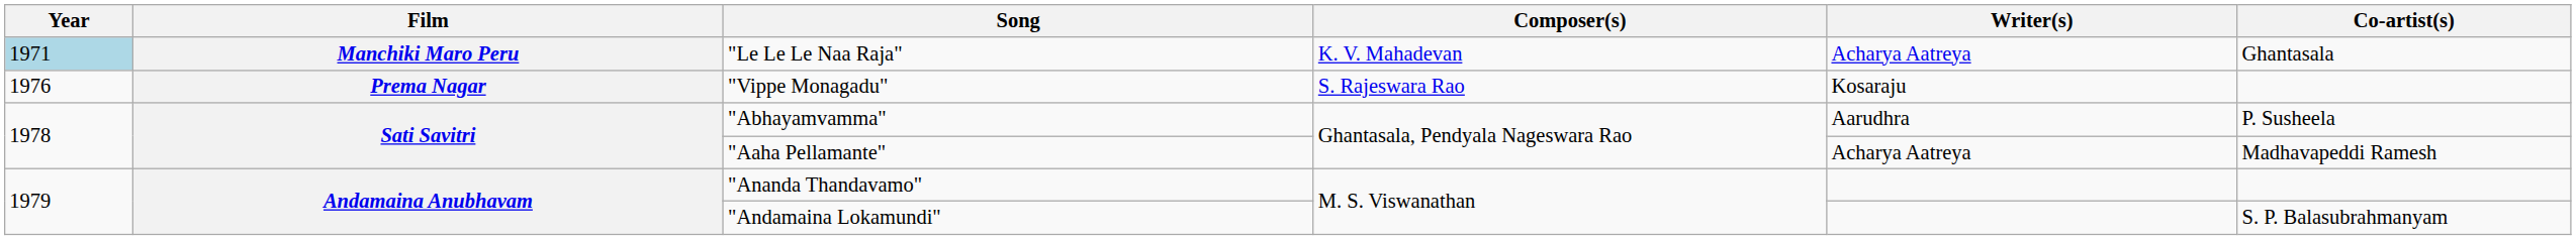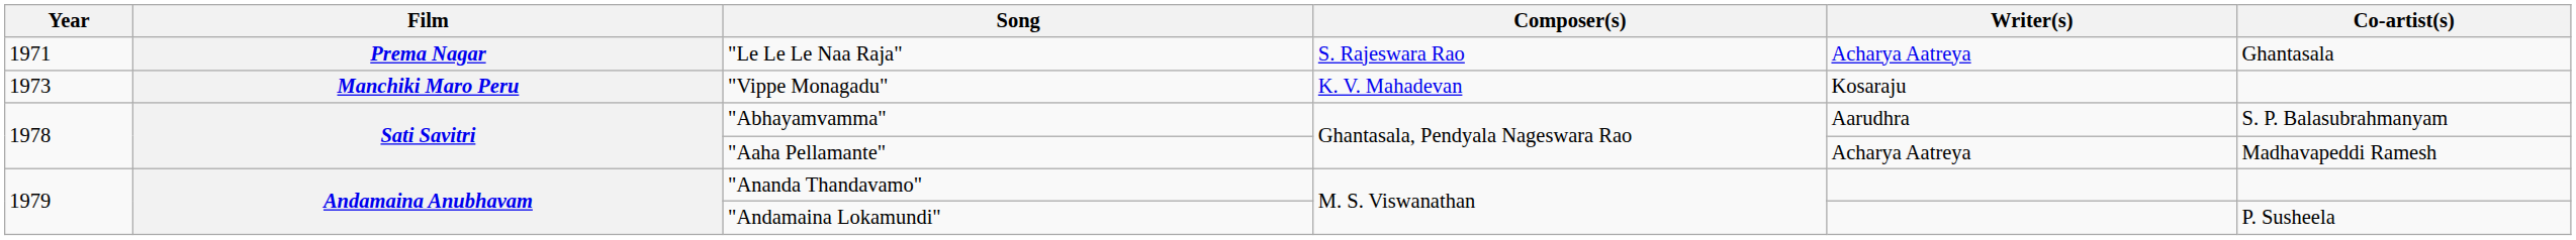 <table class="wikitable plainrowheaders" width="100%" textcolor:#000;">
 <tr style="background:#b0e0e66;">
 <th scope="col" width=5%><strong>Year</strong></th>
 <th scope="col" width=23%><strong>Film</strong></th>
 <th scope="col" width=23%><strong>Song</strong></th>
 <th scope="col" width=20%><strong>Composer(s)</strong></th>
 <th scope="col" width=16%><strong>Writer(s)</strong></th>
 <th scope="col" width=18%><strong>Co-artist(s)</strong></th>
 </tr>
 <tr>
-<td style="background: lightblue;">1971</td>
-<th><em><a href='#'>Manchiki Maro Peru</a></em></th>
+<td>1971</td>
+<th><em><a href='#'>Prema Nagar</a></em></th>
 <td>"Le Le Le Naa Raja"</td>
-<td><a href='#'>K. V. Mahadevan</a></td>
+<td><a href='#'>S. Rajeswara Rao</a></td>
 <td><a href='#'>Acharya Aatreya</a></td>
 <td>Ghantasala</td>
 </tr>
 <tr>
-<td>1976</td>
-<th><em><a href='#'>Prema Nagar</a></em></th>
+<td>1973</td>
+<th><em><a href='#'>Manchiki Maro Peru</a></em></th>
 <td>"Vippe Monagadu"</td>
-<td><a href='#'>S. Rajeswara Rao</a></td>
+<td><a href='#'>K. V. Mahadevan</a></td>
 <td>Kosaraju</td>
 <td></td>
 </tr>
 <tr>
 <td rowspan="2">1978</td>
 <th rowspan="2"><em><a href='#'>Sati Savitri</a></em></th>
 <td>"Abhayamvamma"</td>
 <td rowspan="2">Ghantasala, Pendyala Nageswara Rao</td>
 <td>Aarudhra</td>
-<td>P. Susheela</td>
+<td>S. P. Balasubrahmanyam</td>
 </tr>
 <tr>
 <td>"Aaha Pellamante"</td>
 <td>Acharya Aatreya</td>
 <td>Madhavapeddi Ramesh</td>
 </tr>
 <tr>
 <td rowspan="2">1979</td>
 <th rowspan="2"><em><a href='#'>Andamaina Anubhavam</a></em></th>
 <td>"Ananda Thandavamo"</td>
 <td rowspan="2">M. S. Viswanathan</td>
 <td></td>
 <td></td>
 </tr>
 <tr>
 <td>"Andamaina Lokamundi"</td>
 <td></td>
-<td>S. P. Balasubrahmanyam</td>
+<td>P. Susheela</td>
 </tr>
 </table>
